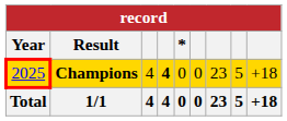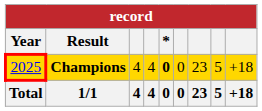 <table class="wikitable" style="text-align: center;">
 <tr>
 <th colspan="9" style="background: #C1272D; color: #FFFFFF;"><a href='#'></a> record</th>
 </tr>
 <tr>
 <th>Year</th>
 <th>Result</th>
 <th></th>
 <th></th>
 <th>*</th>
 <th></th>
 <th></th>
 <th></th>
 <th></th>
 </tr>
 <tr bgcolor="gold">
 <td style="border: 3px solid red"> <a href='#'>2025</a></td>
 <td><strong>Champions</strong></td>
 <td>4</td>
-<td><strong>4</strong></td>
-<td>0</td>
+<td>4</td>
+<td><strong>0</strong></td>
 <td>0</td>
 <td>23</td>
 <td>5</td>
 <td>+18</td>
 </tr>
 <tr>
 <th>Total</th>
 <th>1/1</th>
 <th>4</th>
 <th>4</th>
 <th>0</th>
 <th>0</th>
 <th>23</th>
 <th>5</th>
 <th>+18</th>
 </tr>
 </table>
